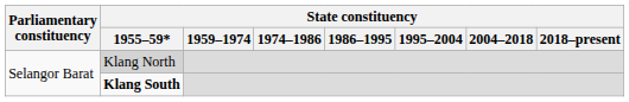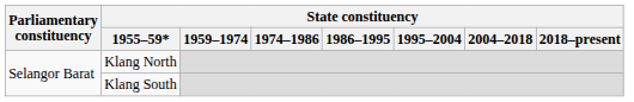 <table class="wikitable">
 <tr>
 <th rowspan="2">Parliamentary<br>constituency</th>
 <th colspan="7">State constituency</th>
 </tr>
 <tr>
 <th>1955–59*</th>
 <th>1959–1974</th>
 <th>1974–1986</th>
 <th>1986–1995</th>
 <th>1995–2004</th>
 <th>2004–2018</th>
 <th>2018–present</th>
 </tr>
 <tr>
 <td rowspan="2">Selangor Barat</td>
-<td style="background: lightgrey;">Klang North</td>
+<td>Klang North</td>
 <td colspan="6" bgcolor="dcdcdc"></td>
 </tr>
 <tr>
-<td><strong>Klang South</strong></td>
+<td>Klang South</td>
 <td colspan="6" bgcolor="dcdcdc"></td>
 </tr>
 </table>
